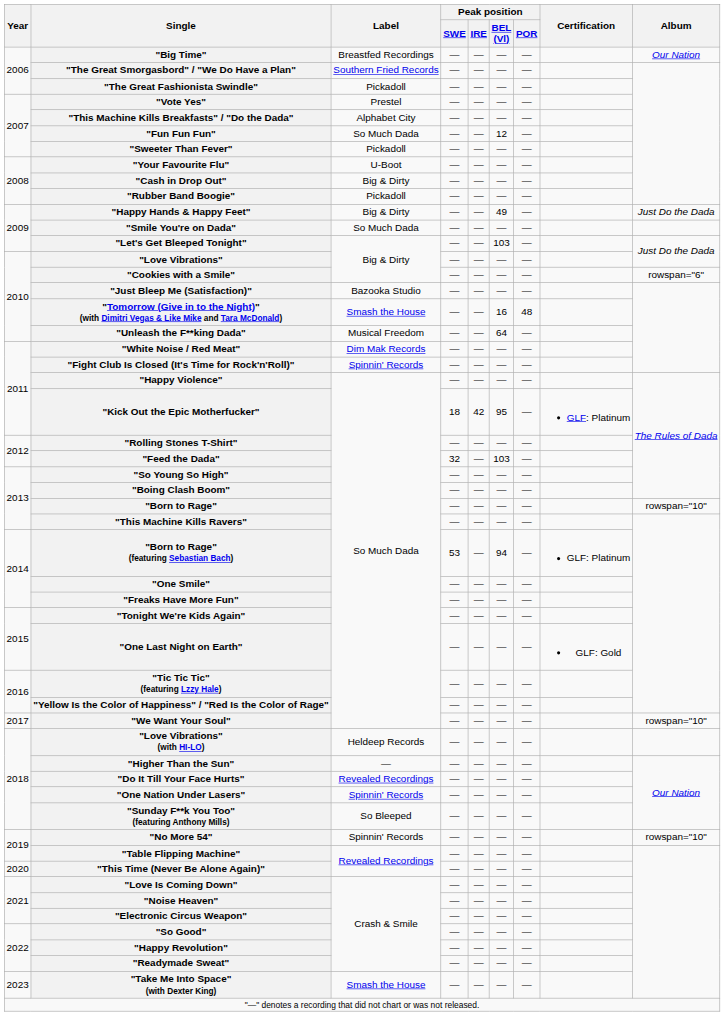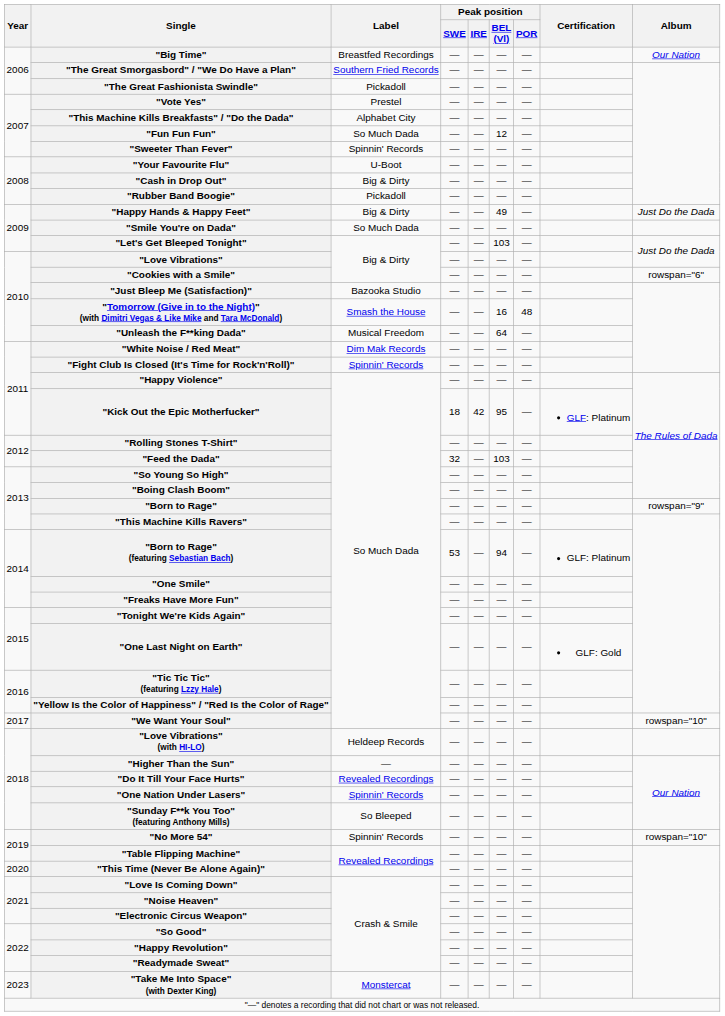 <table class="wikitable plainrowheaders" style="text-align:center;">
 <tr>
 <th rowspan="2">Year</th>
 <th rowspan="2">Single</th>
 <th rowspan="2">Label</th>
 <th colspan="4">Peak position</th>
 <th rowspan="2">Certification</th>
 <th rowspan="2">Album</th>
 </tr>
 <tr>
 <th><a href='#'>SWE</a><br></th>
 <th><a href='#'>IRE</a><br></th>
 <th><a href='#'>BEL<br>(Vl)</a><br></th>
 <th><a href='#'>POR</a><br></th>
 </tr>
 <tr>
 <td rowspan="3">2006</td>
 <th scope="row">"Big Time"</th>
 <td>Breastfed Recordings</td>
 <td>—</td>
 <td>—</td>
 <td>—</td>
 <td>—</td>
 <td></td>
 <td><em><a href='#'>Our Nation</a></em></td>
 </tr>
 <tr>
 <th scope="row">"The Great Smorgasbord" / "We Do Have a Plan"</th>
 <td><a href='#'>Southern Fried Records</a></td>
 <td>—</td>
 <td>—</td>
 <td>—</td>
 <td>—</td>
 <td></td>
 </tr>
 <tr>
 <th scope="row">"The Great Fashionista Swindle"</th>
 <td>Pickadoll</td>
 <td>—</td>
 <td>—</td>
 <td>—</td>
 <td>—</td>
 <td></td>
 </tr>
 <tr>
 <td rowspan="4">2007</td>
 <th scope="row">"Vote Yes"</th>
 <td>Prestel</td>
 <td>—</td>
 <td>—</td>
 <td>—</td>
 <td>—</td>
 <td></td>
 </tr>
 <tr>
 <th scope="row">"This Machine Kills Breakfasts" / "Do the Dada"</th>
 <td>Alphabet City</td>
 <td>—</td>
 <td>—</td>
 <td>—</td>
 <td>—</td>
 <td></td>
 </tr>
 <tr>
 <th scope="row">"Fun Fun Fun"</th>
 <td>So Much Dada</td>
 <td>—</td>
 <td>—</td>
 <td>12</td>
 <td>—</td>
 <td></td>
 </tr>
 <tr>
 <th scope="row">"Sweeter Than Fever"</th>
-<td>Pickadoll</td>
+<td>Spinnin' Records</td>
 <td>—</td>
 <td>—</td>
 <td>—</td>
 <td>—</td>
 <td></td>
 </tr>
 <tr>
 <td rowspan="3">2008</td>
 <th scope="row">"Your Favourite Flu"</th>
 <td>U-Boot</td>
 <td>—</td>
 <td>—</td>
 <td>—</td>
 <td>—</td>
 <td></td>
 </tr>
 <tr>
 <th scope="row">"Cash in Drop Out"</th>
 <td>Big & Dirty</td>
 <td>—</td>
 <td>—</td>
 <td>—</td>
 <td>—</td>
 <td></td>
 </tr>
 <tr>
 <th scope="row">"Rubber Band Boogie"</th>
 <td>Pickadoll</td>
 <td>—</td>
 <td>—</td>
 <td>—</td>
 <td>—</td>
 <td></td>
 </tr>
 <tr>
 <td rowspan="3">2009</td>
 <th scope="row">"Happy Hands & Happy Feet"</th>
 <td>Big & Dirty</td>
 <td>—</td>
 <td>—</td>
 <td>49</td>
 <td>—</td>
 <td></td>
 <td><em>Just Do the Dada</em></td>
 </tr>
 <tr>
 <th scope="row">"Smile You're on Dada"</th>
 <td>So Much Dada</td>
 <td>—</td>
 <td>—</td>
 <td>—</td>
 <td>—</td>
 <td></td>
 <td></td>
 </tr>
 <tr>
 <th scope="row">"Let's Get Bleeped Tonight"</th>
 <td rowspan="3">Big & Dirty</td>
 <td>—</td>
 <td>—</td>
 <td>103</td>
 <td>—</td>
 <td></td>
 <td rowspan="2"><em>Just Do the Dada</em></td>
 </tr>
 <tr>
 <td rowspan="5">2010</td>
 <th scope="row">"Love Vibrations"</th>
 <td>—</td>
 <td>—</td>
 <td>—</td>
 <td>—</td>
 <td></td>
 </tr>
 <tr>
 <th scope="row">"Cookies with a Smile"</th>
 <td>—</td>
 <td>—</td>
 <td>—</td>
 <td>—</td>
 <td></td>
 <td>rowspan="6" </td>
 </tr>
 <tr>
 <th scope="row">"Just Bleep Me (Satisfaction)"</th>
 <td>Bazooka Studio</td>
 <td>—</td>
 <td>—</td>
 <td>—</td>
 <td>—</td>
 <td></td>
 </tr>
 <tr>
 <th scope="row">"<a href='#'>Tomorrow (Give in to the Night)</a>" <br><small>(with <a href='#'>Dimitri Vegas & Like Mike</a> and <a href='#'>Tara McDonald</a>)</small></th>
 <td><a href='#'>Smash the House</a></td>
 <td>—</td>
 <td>—</td>
 <td>16</td>
 <td>48</td>
 <td></td>
 </tr>
 <tr>
 <th scope="row">"Unleash the F**king Dada"</th>
 <td>Musical Freedom</td>
 <td>—</td>
 <td>—</td>
 <td>64</td>
 <td>—</td>
 <td></td>
 </tr>
 <tr>
 <td rowspan="4">2011</td>
 <th scope="row">"White Noise / Red Meat"</th>
 <td><a href='#'>Dim Mak Records</a></td>
 <td>—</td>
 <td>—</td>
 <td>—</td>
 <td>—</td>
 <td></td>
 </tr>
 <tr>
 <th scope="row">"Fight Club Is Closed (It's Time for Rock'n'Roll)"</th>
 <td><a href='#'>Spinnin' Records</a></td>
 <td>—</td>
 <td>—</td>
 <td>—</td>
 <td>—</td>
 <td></td>
 </tr>
 <tr>
 <th scope="row">"Happy Violence"</th>
 <td rowspan="16">So Much Dada</td>
 <td>—</td>
 <td>—</td>
 <td>—</td>
 <td>—</td>
 <td></td>
 <td rowspan="6"><em><a href='#'>The Rules of Dada</a></em></td>
 </tr>
 <tr>
 <th scope="row">"Kick Out the Epic Motherfucker"</th>
 <td>18</td>
 <td>42</td>
 <td>95</td>
 <td>—</td>
 <td><br><ul><li><a href='#'>GLF</a>: Platinum</li></ul></td>
 </tr>
 <tr>
 <td rowspan="2">2012</td>
 <th scope="row">"Rolling Stones T-Shirt"</th>
 <td>—</td>
 <td>—</td>
 <td>—</td>
 <td>—</td>
 <td></td>
 </tr>
 <tr>
 <th scope="row">"Feed the Dada"</th>
 <td>32</td>
 <td>—</td>
 <td>103</td>
 <td>—</td>
 <td></td>
 </tr>
 <tr>
 <td rowspan="4">2013</td>
 <th scope="row">"So Young So High"</th>
 <td>—</td>
 <td>—</td>
 <td>—</td>
 <td>—</td>
 <td></td>
 </tr>
 <tr>
 <th scope="row">"Boing Clash Boom"</th>
 <td>—</td>
 <td>—</td>
 <td>—</td>
 <td>—</td>
 <td></td>
 </tr>
 <tr>
 <th scope="row">"Born to Rage"</th>
 <td>—</td>
 <td>—</td>
 <td>—</td>
 <td>—</td>
 <td></td>
-<td>rowspan="10" </td>
+<td>rowspan="9" </td>
 </tr>
 <tr>
 <th scope="row">"This Machine Kills Ravers"</th>
 <td>—</td>
 <td>—</td>
 <td>—</td>
 <td>—</td>
 <td></td>
 </tr>
 <tr>
 <td rowspan="3">2014</td>
 <th scope="row">"Born to Rage" <br><small>(featuring <a href='#'>Sebastian Bach</a>)</small></th>
 <td>53</td>
 <td>—</td>
 <td>94</td>
 <td>—</td>
 <td><br><ul><li>GLF: Platinum</li></ul></td>
 </tr>
 <tr>
 <th scope="row">"One Smile"</th>
 <td>—</td>
 <td>—</td>
 <td>—</td>
 <td>—</td>
 <td></td>
 </tr>
 <tr>
 <th scope="row">"Freaks Have More Fun"</th>
 <td>—</td>
 <td>—</td>
 <td>—</td>
 <td>—</td>
 <td></td>
 </tr>
 <tr>
 <td rowspan="2">2015</td>
 <th scope="row">"Tonight We're Kids Again"</th>
 <td>—</td>
 <td>—</td>
 <td>—</td>
 <td>—</td>
 <td></td>
 </tr>
 <tr>
 <th scope="row">"One Last Night on Earth"</th>
 <td>—</td>
 <td>—</td>
 <td>—</td>
 <td>—</td>
 <td><br><ul><li>GLF: Gold</li></ul></td>
 </tr>
 <tr>
 <td rowspan="2">2016</td>
 <th scope="row">"Tic Tic Tic" <br><small>(featuring <a href='#'>Lzzy Hale</a>)</small></th>
 <td>—</td>
 <td>—</td>
 <td>—</td>
 <td>—</td>
 <td></td>
 </tr>
 <tr>
 <th scope="row">"Yellow Is the Color of Happiness" / "Red Is the Color of Rage"</th>
 <td>—</td>
 <td>—</td>
 <td>—</td>
 <td>—</td>
 <td></td>
 </tr>
 <tr>
 <td>2017</td>
 <th scope="row">"We Want Your Soul"</th>
 <td>—</td>
 <td>—</td>
 <td>—</td>
 <td>—</td>
 <td></td>
 <td>rowspan="10" </td>
 </tr>
 <tr>
 <td rowspan="5">2018</td>
 <th scope="row">"Love Vibrations" <br><small>(with <a href='#'>HI-LO</a>)</small></th>
 <td>Heldeep Records</td>
 <td>—</td>
 <td>—</td>
 <td>—</td>
 <td>—</td>
 <td></td>
 <td></td>
 </tr>
 <tr>
 <th scope="row">"Higher Than the Sun"</th>
 <td>—</td>
 <td>—</td>
 <td>—</td>
 <td>—</td>
 <td>—</td>
 <td></td>
 <td rowspan="4"><em><a href='#'>Our Nation</a></em></td>
 </tr>
 <tr>
 <th scope="row">"Do It Till Your Face Hurts"</th>
 <td><a href='#'>Revealed Recordings</a></td>
 <td>—</td>
 <td>—</td>
 <td>—</td>
 <td>—</td>
 <td></td>
 </tr>
 <tr>
 <th scope="row">"One Nation Under Lasers"</th>
 <td><a href='#'>Spinnin' Records</a></td>
 <td>—</td>
 <td>—</td>
 <td>—</td>
 <td>—</td>
 <td></td>
 </tr>
 <tr>
 <th scope="row">"Sunday F**k You Too" <br><small>(featuring Anthony Mills)</small></th>
 <td>So Bleeped</td>
 <td>—</td>
 <td>—</td>
 <td>—</td>
 <td>—</td>
 <td></td>
 </tr>
 <tr>
 <td rowspan="2">2019</td>
 <th scope="row">"No More 54"</th>
 <td>Spinnin' Records</td>
 <td>—</td>
 <td>—</td>
 <td>—</td>
 <td>—</td>
 <td></td>
 <td>rowspan="10" </td>
 </tr>
 <tr>
 <th scope="row">"Table Flipping Machine"</th>
 <td rowspan="2"><a href='#'>Revealed Recordings</a></td>
 <td>—</td>
 <td>—</td>
 <td>—</td>
 <td>—</td>
 <td></td>
 </tr>
 <tr>
 <td>2020</td>
 <th scope="row">"This Time (Never Be Alone Again)"</th>
 <td>—</td>
 <td>—</td>
 <td>—</td>
 <td>—</td>
 <td></td>
 </tr>
 <tr>
 <td rowspan="3">2021</td>
 <th scope="row">"Love Is Coming Down"</th>
 <td rowspan="6">Crash & Smile</td>
 <td>—</td>
 <td>—</td>
 <td>—</td>
 <td>—</td>
 <td></td>
 </tr>
 <tr>
 <th scope="row">"Noise Heaven"</th>
 <td>—</td>
 <td>—</td>
 <td>—</td>
 <td>—</td>
 <td></td>
 </tr>
 <tr>
 <th scope="row">"Electronic Circus Weapon"</th>
 <td>—</td>
 <td>—</td>
 <td>—</td>
 <td>—</td>
 <td></td>
 </tr>
 <tr>
 <td rowspan="3">2022</td>
 <th scope="row">"So Good"</th>
 <td>—</td>
 <td>—</td>
 <td>—</td>
 <td>—</td>
 <td></td>
 </tr>
 <tr>
 <th scope="row">"Happy Revolution"</th>
 <td>—</td>
 <td>—</td>
 <td>—</td>
 <td>—</td>
 <td></td>
 </tr>
 <tr>
 <th scope="row">"Readymade Sweat"</th>
 <td>—</td>
 <td>—</td>
 <td>—</td>
 <td>—</td>
 <td></td>
 </tr>
 <tr>
 <td>2023</td>
 <th scope="row">"Take Me Into Space" <br><small>(with Dexter King)</small></th>
-<td><a href='#'>Smash the House</a></td>
+<td rowspan="1"><a href='#'>Monstercat</a></td>
 <td>—</td>
 <td>—</td>
 <td>—</td>
 <td>—</td>
 <td></td>
 </tr>
 <tr>
 <td colspan="9" style="font-size:85%">"—" denotes a recording that did not chart or was not released.</td>
 </tr>
 </table>
